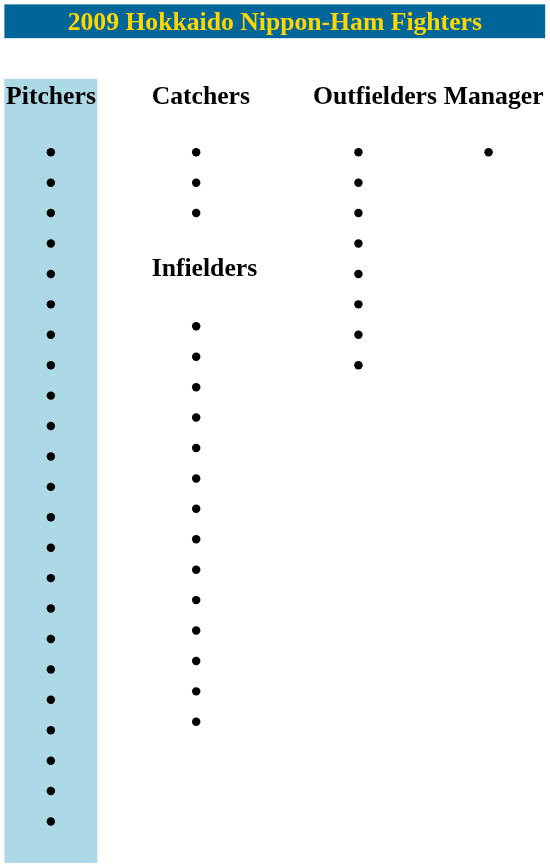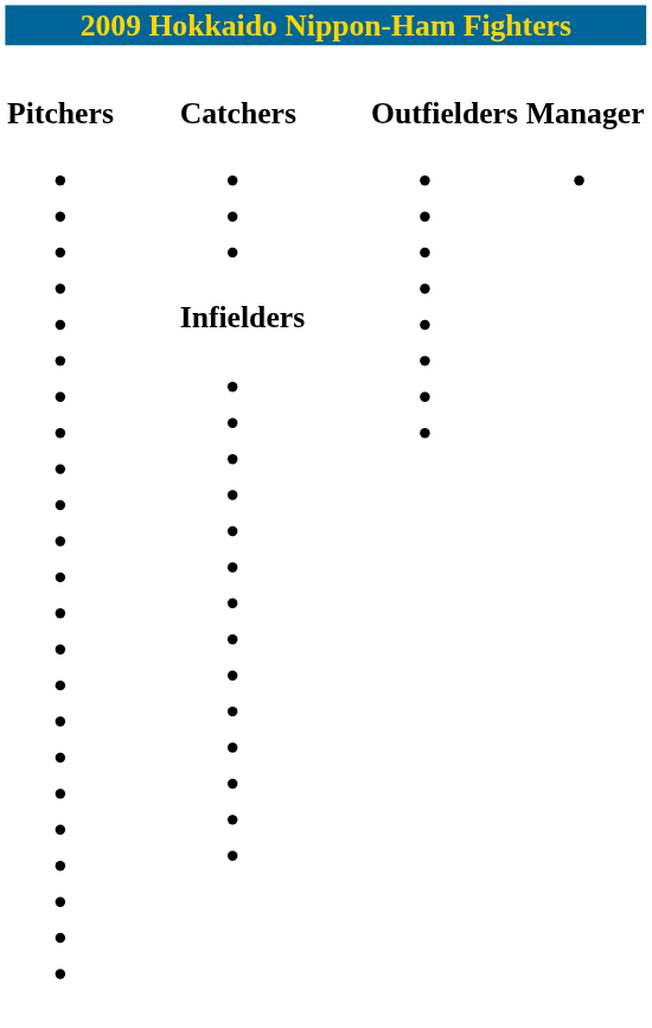 <table class="toccolours" style="font-size: 95%;">
 <tr>
 <th colspan="10" style="background-color: #006699; color: gold; text-align: center;">2009 Hokkaido Nippon-Ham Fighters</th>
 </tr>
 <tr>
 <td colspan="10" style="background-color: #black; color: white; text-align: center;"><strong>Roster</strong></td>
 </tr>
 <tr>
-<td valign="top" style="background: lightblue;"><strong>Pitchers</strong><br><ul><li></li><li></li><li></li><li></li><li></li><li></li><li></li><li></li><li></li><li></li><li></li><li></li><li></li><li></li><li></li><li></li><li></li><li></li><li></li><li></li><li></li><li></li><li></li></ul></td>
+<td valign="top"><strong>Pitchers</strong><br><ul><li></li><li></li><li></li><li></li><li></li><li></li><li></li><li></li><li></li><li></li><li></li><li></li><li></li><li></li><li></li><li></li><li></li><li></li><li></li><li></li><li></li><li></li><li></li></ul></td>
 <td width="25px"></td>
 <td valign="top"><strong>Catchers</strong><br><ul><li></li><li></li><li></li></ul><strong>Infielders</strong><ul><li></li><li></li><li></li><li></li><li></li><li></li><li></li><li></li><li></li><li></li><li></li><li></li><li></li><li></li></ul></td>
 <td width="25px"></td>
 <td valign="top"><strong>Outfielders</strong><br><ul><li></li><li></li><li></li><li></li><li></li><li></li><li></li><li></li></ul></td>
 <td valign="top"><strong>Manager</strong><br><ul><li></li></ul></td>
 </tr>
 </table>
